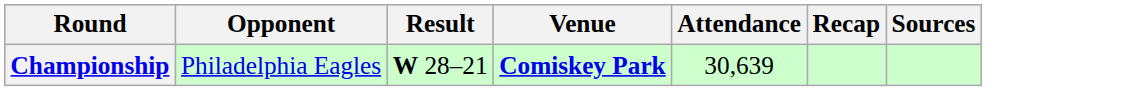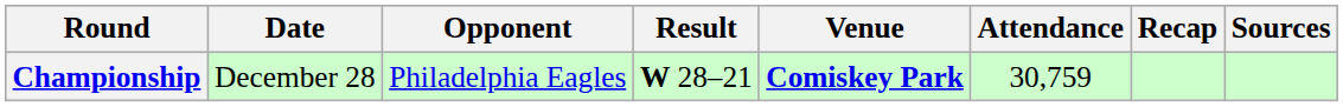 <table class="wikitable" style="text-align:center">
 <tr>
 <th>Round</th>
+<th>Date</th>
 <th>Opponent</th>
 <th>Result</th>
 <th>Venue</th>
 <th>Attendance</th>
 <th>Recap</th>
 <th>Sources</th>
 </tr>
 <tr style="background:#cfc">
 <th><a href='#'>Championship</a></th>
+<td>December 28</td>
 <td><a href='#'>Philadelphia Eagles</a></td>
 <td><strong>W</strong> 28–21</td>
 <td><strong><a href='#'>Comiskey Park</a></strong></td>
-<td>30,639</td>
+<td>30,759</td>
 <td></td>
 <td></td>
 </tr>
 </table>
